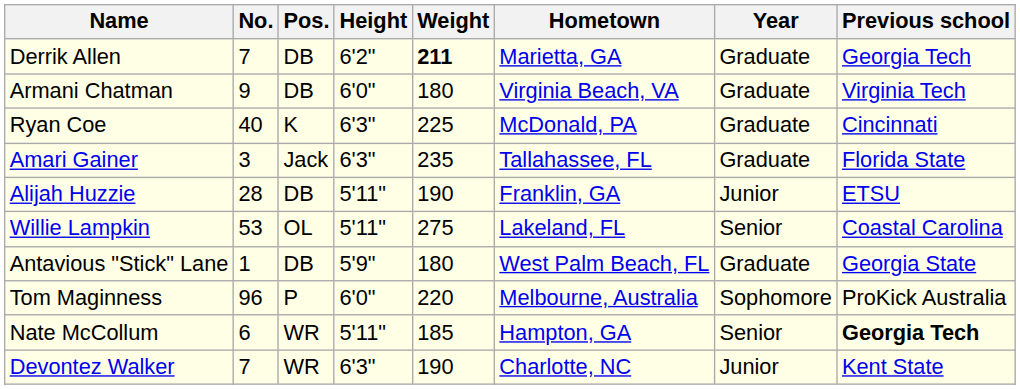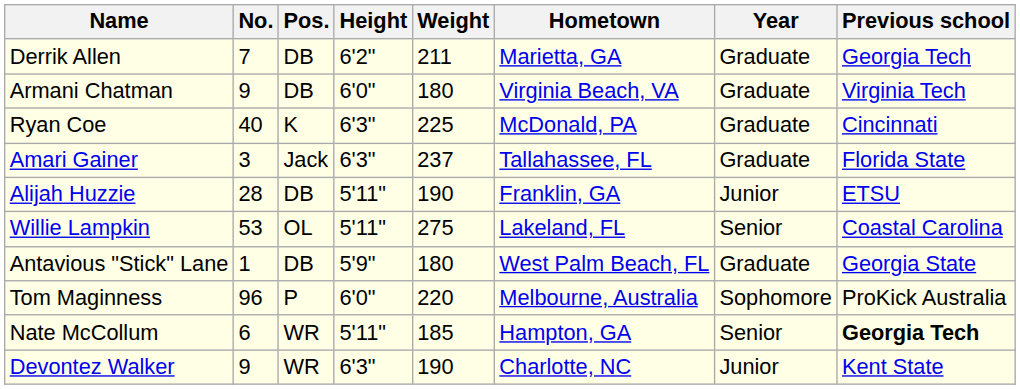 <table class="wikitable sortable">
 <tr>
 <th>Name</th>
 <th>No.</th>
 <th>Pos.</th>
 <th>Height</th>
 <th>Weight</th>
 <th>Hometown</th>
 <th>Year</th>
 <th class="unsortable">Previous school</th>
 </tr>
 <tr style="background:#FFFFE6;">
 <td>Derrik Allen</td>
 <td>7</td>
 <td>DB</td>
 <td>6'2"</td>
-<td><strong>211</strong></td>
+<td>211</td>
 <td><a href='#'>Marietta, GA</a></td>
 <td>Graduate</td>
 <td><a href='#'>Georgia Tech</a></td>
 </tr>
 <tr style="background:#FFFFE6;">
 <td>Armani Chatman</td>
 <td>9</td>
 <td>DB</td>
 <td>6'0"</td>
 <td>180</td>
 <td><a href='#'>Virginia Beach, VA</a></td>
 <td>Graduate</td>
 <td><a href='#'>Virginia Tech</a></td>
 </tr>
 <tr style="background:#FFFFE6;">
 <td>Ryan Coe</td>
 <td>40</td>
 <td>K</td>
 <td>6'3"</td>
 <td>225</td>
 <td><a href='#'>McDonald, PA</a></td>
 <td>Graduate</td>
 <td><a href='#'>Cincinnati</a></td>
 </tr>
 <tr style="background:#FFFFE6;">
 <td><a href='#'>Amari Gainer</a></td>
 <td>3</td>
 <td>Jack</td>
 <td>6'3"</td>
-<td>235</td>
+<td>237</td>
 <td><a href='#'>Tallahassee, FL</a></td>
 <td>Graduate</td>
 <td><a href='#'>Florida State</a></td>
 </tr>
 <tr style="background:#FFFFE6;">
 <td><a href='#'>Alijah Huzzie</a></td>
 <td>28</td>
 <td>DB</td>
 <td>5'11"</td>
 <td>190</td>
 <td><a href='#'>Franklin, GA</a></td>
 <td>Junior</td>
 <td><a href='#'>ETSU</a></td>
 </tr>
 <tr style="background:#FFFFE6;">
 <td><a href='#'>Willie Lampkin</a></td>
 <td>53</td>
 <td>OL</td>
 <td>5'11"</td>
 <td>275</td>
 <td><a href='#'>Lakeland, FL</a></td>
 <td>Senior</td>
 <td><a href='#'>Coastal Carolina</a></td>
 </tr>
 <tr style="background:#FFFFE6;">
 <td>Antavious "Stick" Lane</td>
 <td>1</td>
 <td>DB</td>
 <td>5'9"</td>
 <td>180</td>
 <td><a href='#'>West Palm Beach, FL</a></td>
 <td>Graduate</td>
 <td><a href='#'>Georgia State</a></td>
 </tr>
 <tr style="background:#FFFFE6;">
 <td>Tom Maginness</td>
 <td>96</td>
 <td>P</td>
 <td>6'0"</td>
 <td>220</td>
 <td><a href='#'>Melbourne, Australia</a></td>
 <td>Sophomore</td>
 <td>ProKick Australia</td>
 </tr>
 <tr style="background:#FFFFE6;">
 <td>Nate McCollum</td>
 <td>6</td>
 <td>WR</td>
 <td>5'11"</td>
 <td>185</td>
 <td><a href='#'>Hampton, GA</a></td>
 <td>Senior</td>
 <td><strong>Georgia Tech</strong></td>
 </tr>
 <tr style="background:#FFFFE6;">
 <td><a href='#'>Devontez Walker</a></td>
-<td>7</td>
+<td>9</td>
 <td>WR</td>
 <td>6'3"</td>
 <td>190</td>
 <td><a href='#'>Charlotte, NC</a></td>
 <td>Junior</td>
 <td><a href='#'>Kent State</a></td>
 </tr>
 </table>
